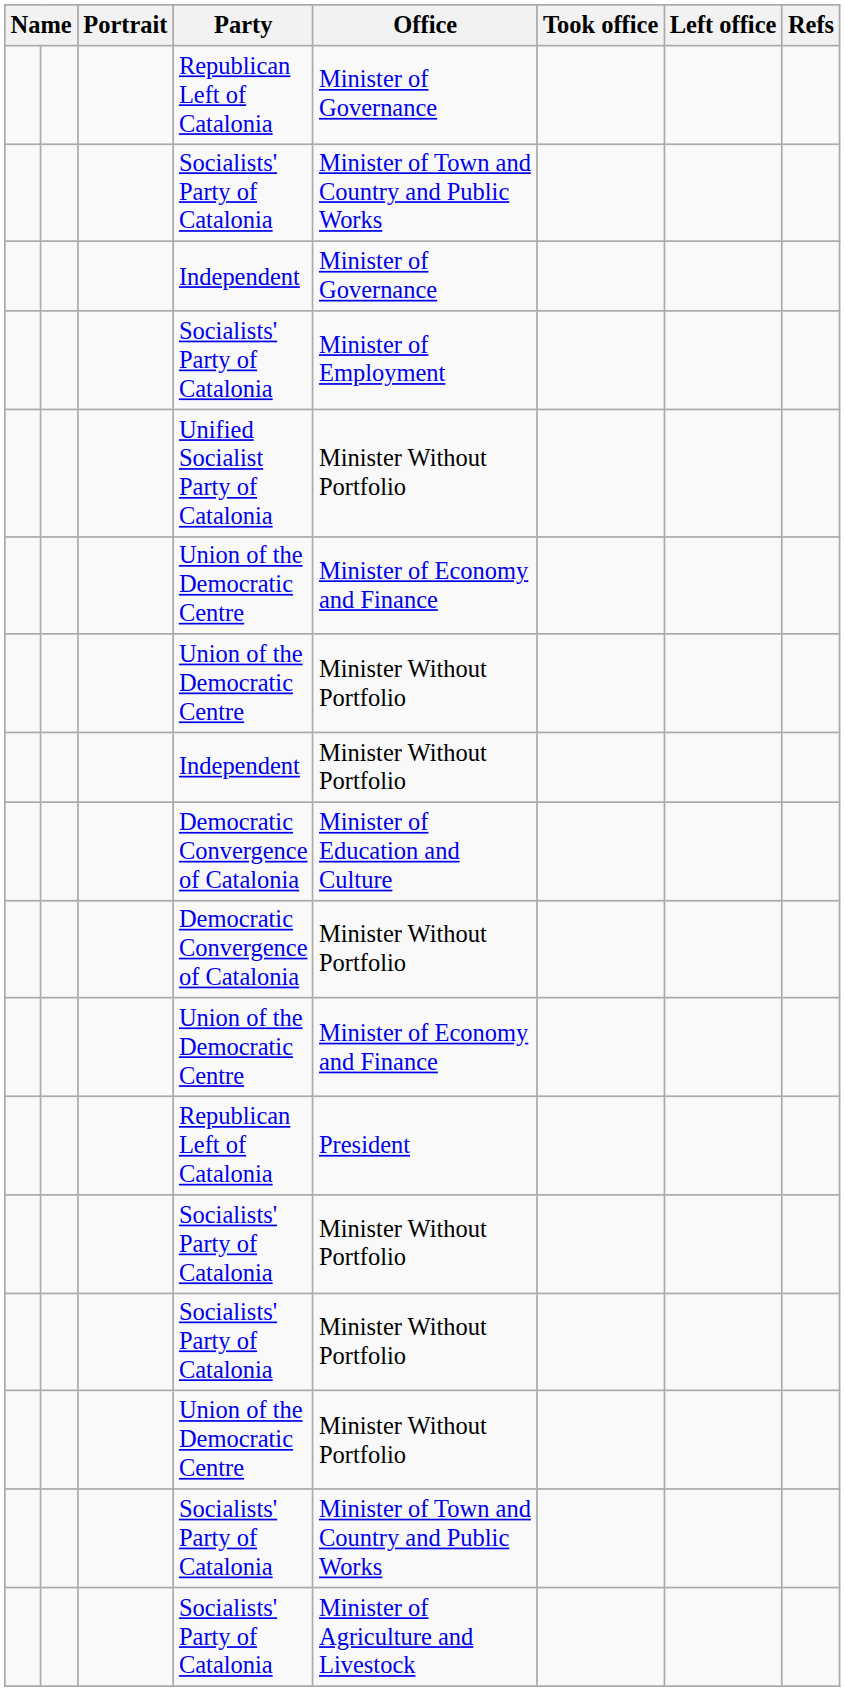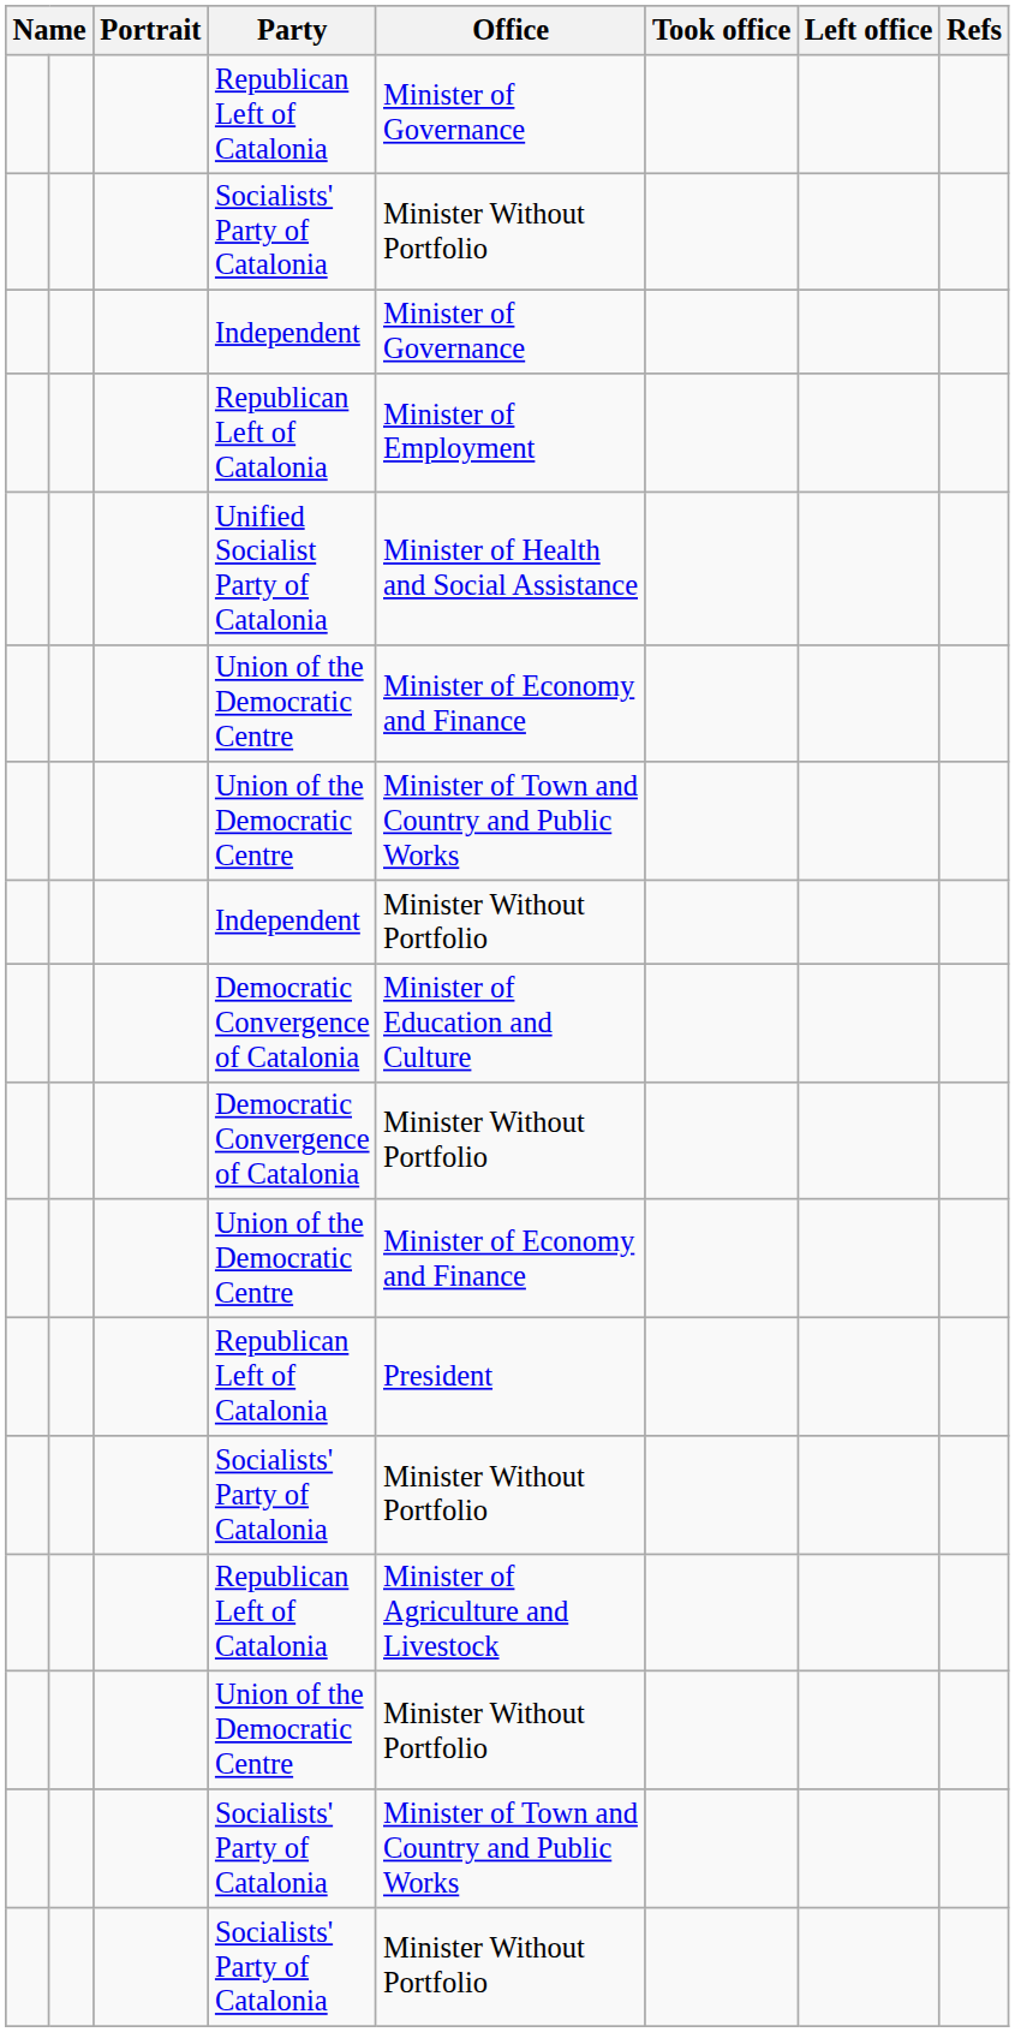 <table class="wikitable plainrowheaders sortable" style="font-size:90%; text-align:left;">
 <tr>
 <th scope=col colspan="2">Name</th>
 <th scope=col class=unsortable>Portrait</th>
 <th scope=col width=75px>Party</th>
 <th scope=col width=125px>Office</th>
 <th scope=col>Took office</th>
 <th scope=col>Left office</th>
 <th scope=col width=25px class=unsortable>Refs</th>
 </tr>
 <tr>
 <td !align="center" style="background:"></td>
 <td></td>
 <td align=center></td>
 <td><a href='#'>Republican Left of Catalonia</a></td>
 <td><a href='#'>Minister of Governance</a></td>
 <td align=center></td>
 <td align=center></td>
 <td align=center></td>
 </tr>
 <tr>
 <td !align="center" style="background:"></td>
 <td></td>
 <td align=center></td>
 <td><a href='#'>Socialists' Party of Catalonia</a></td>
-<td><a href='#'>Minister of Town and Country and Public Works</a></td>
+<td>Minister Without Portfolio</td>
 <td align=center></td>
 <td align=center></td>
 <td align=center></td>
 </tr>
 <tr>
 <td !align="center" style="background:"></td>
 <td></td>
 <td align=center></td>
 <td><a href='#'>Independent</a></td>
 <td><a href='#'>Minister of Governance</a></td>
 <td align=center></td>
 <td align=center></td>
 <td align=center></td>
 </tr>
 <tr>
 <td !align="center" style="background:"></td>
 <td></td>
 <td align=center></td>
-<td><a href='#'>Socialists' Party of Catalonia</a></td>
+<td><a href='#'>Republican Left of Catalonia</a></td>
 <td><a href='#'>Minister of Employment</a></td>
 <td align=center></td>
 <td align=center></td>
 <td align=center></td>
 </tr>
 <tr>
 <td !align="center" style="background:"></td>
 <td></td>
 <td align=center></td>
 <td><a href='#'>Unified Socialist Party of Catalonia</a></td>
-<td>Minister Without Portfolio</td>
+<td><a href='#'>Minister of Health and Social Assistance</a></td>
 <td align=center></td>
 <td align=center></td>
 <td align=center></td>
 </tr>
 <tr>
 <td !align="center" style="background:"></td>
 <td></td>
 <td align=center></td>
 <td><a href='#'>Union of the Democratic Centre</a></td>
 <td><a href='#'>Minister of Economy and Finance</a></td>
 <td align=center></td>
 <td align=center></td>
 <td align=center></td>
 </tr>
 <tr>
 <td !align="center" style="background:"></td>
 <td></td>
 <td align=center></td>
 <td><a href='#'>Union of the Democratic Centre</a></td>
-<td>Minister Without Portfolio</td>
+<td><a href='#'>Minister of Town and Country and Public Works</a></td>
 <td align=center></td>
 <td align=center></td>
 <td align=center></td>
 </tr>
 <tr>
 <td !align="center" style="background:"></td>
 <td></td>
 <td align=center></td>
 <td><a href='#'>Independent</a></td>
 <td>Minister Without Portfolio</td>
 <td align=center></td>
 <td align=center></td>
 <td align=center></td>
 </tr>
 <tr>
 <td !align="center" style="background:"></td>
 <td></td>
 <td align=center></td>
 <td><a href='#'>Democratic Convergence of Catalonia</a></td>
 <td><a href='#'>Minister of Education and Culture</a></td>
 <td align=center></td>
 <td align=center></td>
 <td align=center></td>
 </tr>
 <tr>
 <td !align="center" style="background:"></td>
 <td></td>
 <td align=center></td>
 <td><a href='#'>Democratic Convergence of Catalonia</a></td>
 <td>Minister Without Portfolio</td>
 <td align=center></td>
 <td align=center></td>
 <td align=center></td>
 </tr>
 <tr>
 <td !align="center" style="background:"></td>
 <td></td>
 <td align=center></td>
 <td><a href='#'>Union of the Democratic Centre</a></td>
 <td><a href='#'>Minister of Economy and Finance</a></td>
 <td align=center></td>
 <td align=center></td>
 <td align=center></td>
 </tr>
 <tr>
 <td !align="center" style="background:"></td>
 <td></td>
 <td align=center></td>
 <td><a href='#'>Republican Left of Catalonia</a></td>
 <td><a href='#'>President</a></td>
 <td align=center></td>
 <td align=center></td>
 <td align=center></td>
 </tr>
 <tr>
 <td !align="center" style="background:"></td>
 <td></td>
 <td align=center></td>
 <td><a href='#'>Socialists' Party of Catalonia</a></td>
 <td>Minister Without Portfolio</td>
 <td align=center></td>
 <td align=center></td>
 <td align=center></td>
 </tr>
 <tr>
 <td !align="center" style="background:"></td>
 <td></td>
 <td align=center></td>
-<td><a href='#'>Socialists' Party of Catalonia</a></td>
-<td>Minister Without Portfolio</td>
+<td><a href='#'>Republican Left of Catalonia</a></td>
+<td><a href='#'>Minister of Agriculture and Livestock</a></td>
 <td align=center></td>
 <td align=center></td>
 <td align=center></td>
 </tr>
 <tr>
 <td !align="center" style="background:"></td>
 <td></td>
 <td align=center></td>
 <td><a href='#'>Union of the Democratic Centre</a></td>
 <td>Minister Without Portfolio</td>
 <td align=center></td>
 <td align=center></td>
 <td align=center></td>
 </tr>
 <tr>
 <td !align="center" style="background:"></td>
 <td></td>
 <td align=center></td>
 <td><a href='#'>Socialists' Party of Catalonia</a></td>
 <td><a href='#'>Minister of Town and Country and Public Works</a></td>
 <td align=center></td>
 <td align=center></td>
 <td align=center></td>
 </tr>
 <tr>
 <td !align="center" style="background:"></td>
 <td></td>
 <td align=center></td>
 <td><a href='#'>Socialists' Party of Catalonia</a></td>
-<td><a href='#'>Minister of Agriculture and Livestock</a></td>
+<td>Minister Without Portfolio</td>
 <td align=center></td>
 <td align=center></td>
 <td align=center></td>
 </tr>
 </table>
